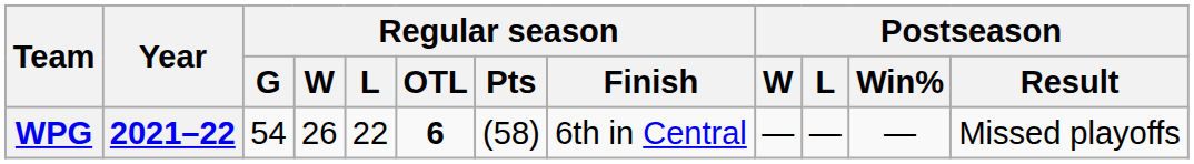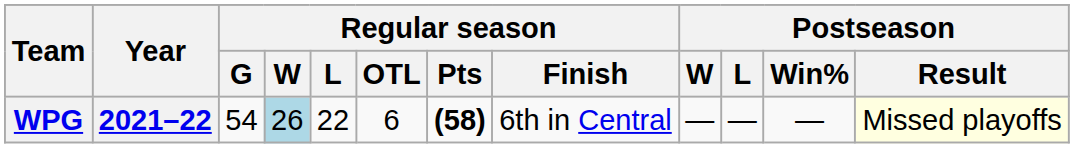 <table class="wikitable" style="font-size:95%; text-align:center;">
 <tr>
 <th rowspan="2">Team</th>
 <th rowspan="2">Year</th>
 <th colspan="6">Regular season</th>
 <th colspan="5">Postseason</th>
 </tr>
 <tr>
 <th>G</th>
 <th>W</th>
 <th>L</th>
 <th>OTL</th>
 <th>Pts</th>
 <th>Finish</th>
 <th>W</th>
 <th>L</th>
 <th>Win%</th>
 <th>Result</th>
 </tr>
 <tr>
 <th><a href='#'>WPG</a></th>
 <th><a href='#'>2021–22</a></th>
 <td>54</td>
-<td>26</td>
+<td style="background: lightblue;">26</td>
 <td>22</td>
-<td><strong>6</strong></td>
-<td>(58)</td>
+<td>6</td>
+<td><strong>(58)</strong></td>
 <td>6th in <a href='#'>Central</a></td>
 <td>—</td>
 <td>—</td>
 <td>—</td>
-<td>Missed playoffs</td>
+<td style="background: lightyellow;">Missed playoffs</td>
 </tr>
 </table>
